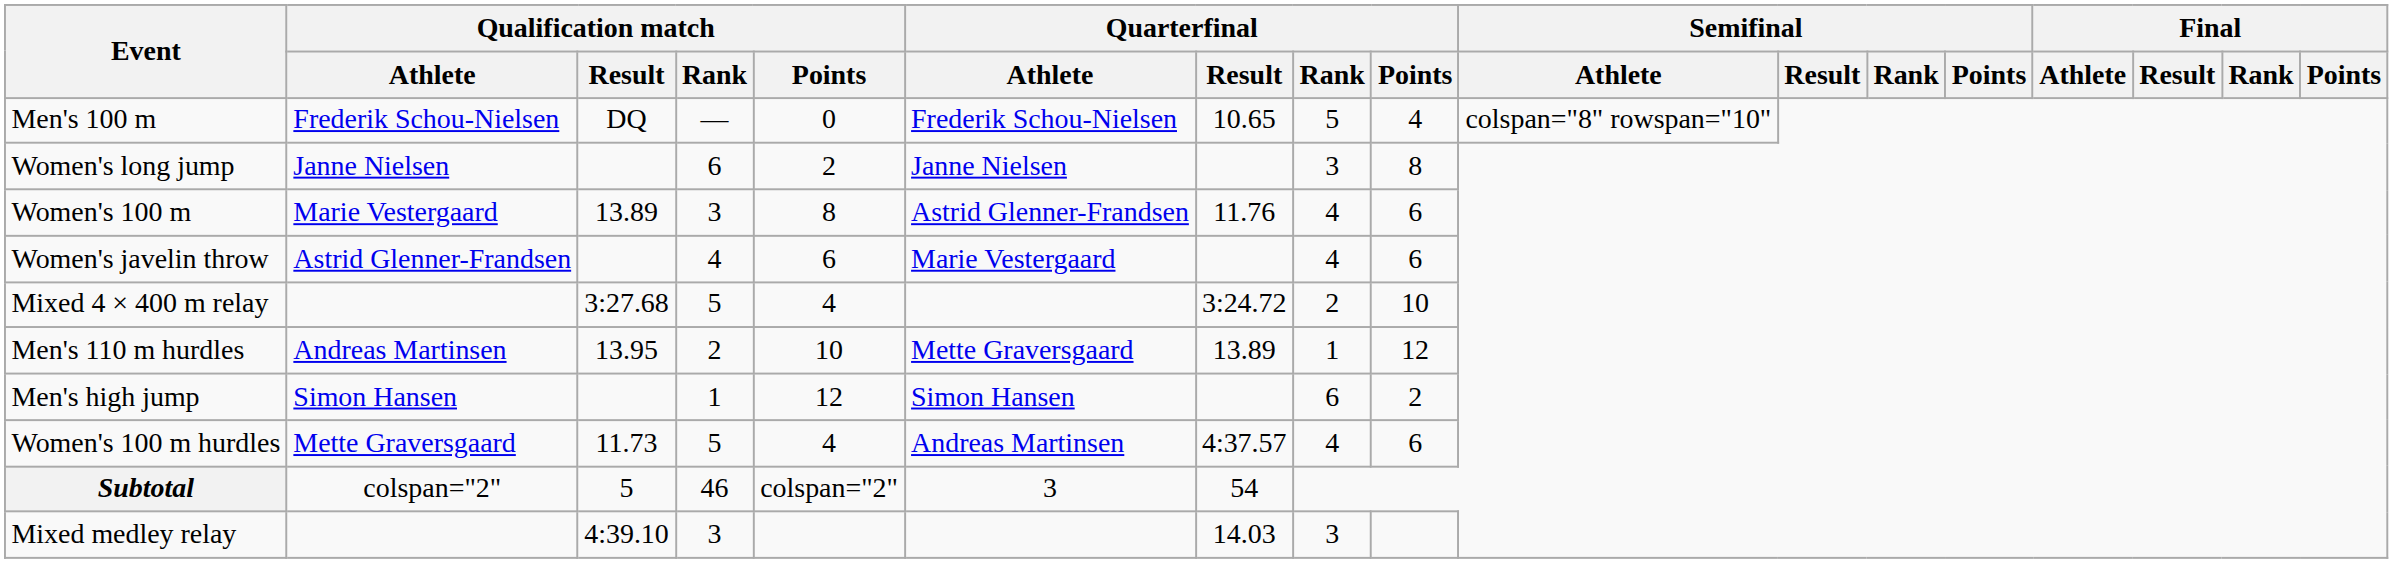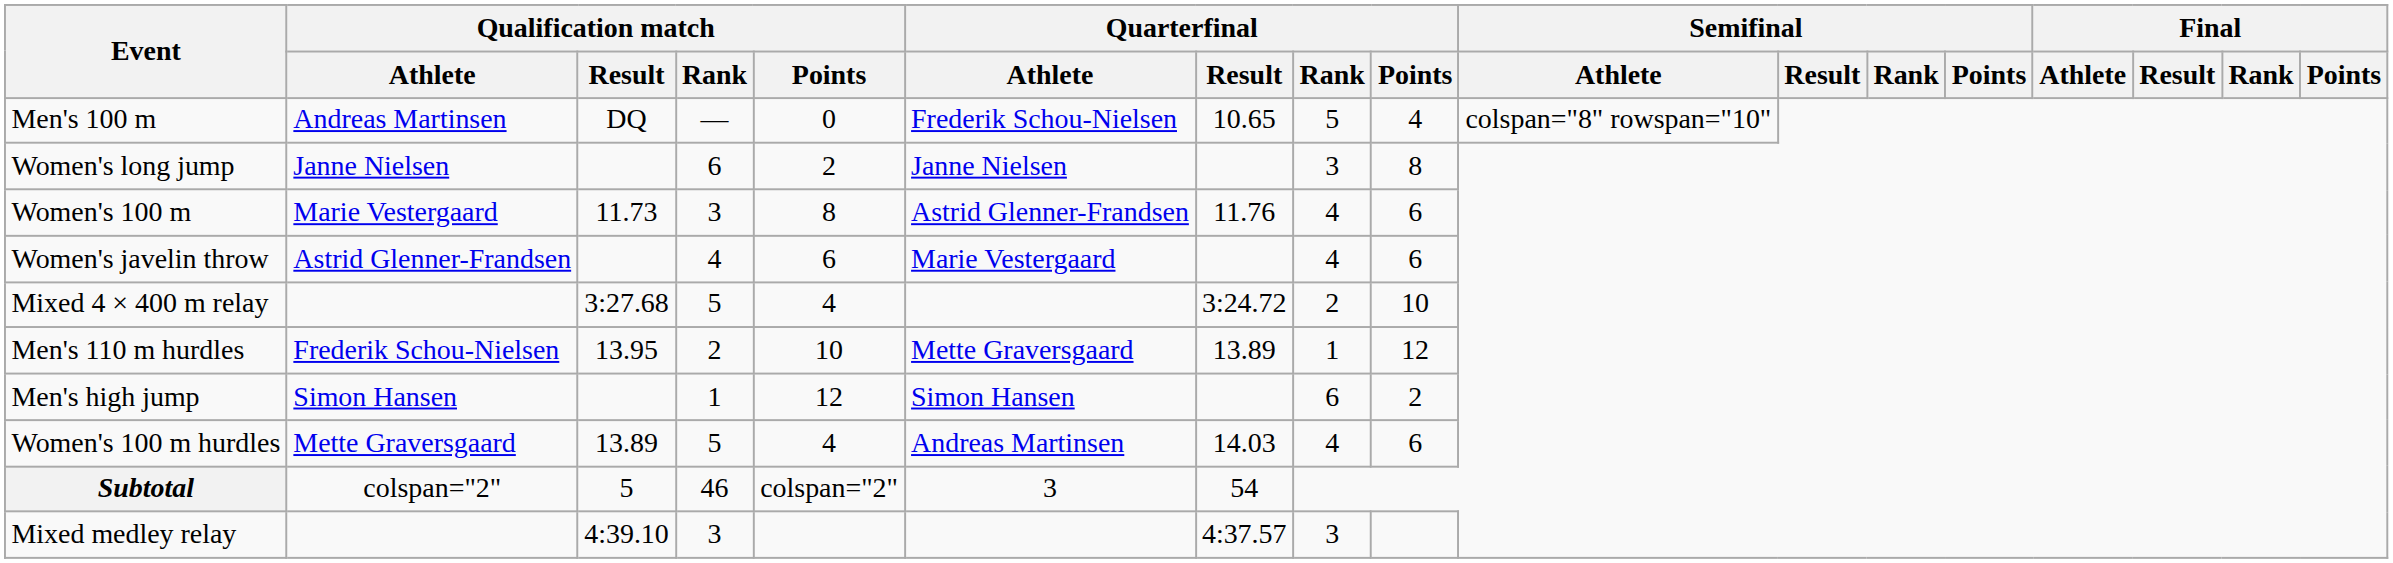 <table class="wikitable" style="font-size:90%; text-align:center;">
 <tr>
 <th rowspan="2">Event</th>
 <th colspan="4">Qualification match</th>
 <th colspan="4">Quarterfinal</th>
 <th colspan="4">Semifinal</th>
 <th colspan="4">Final</th>
 </tr>
 <tr>
 <th>Athlete</th>
 <th>Result</th>
 <th>Rank</th>
 <th>Points</th>
 <th>Athlete</th>
 <th>Result</th>
 <th>Rank</th>
 <th>Points</th>
 <th>Athlete</th>
 <th>Result</th>
 <th>Rank</th>
 <th>Points</th>
 <th>Athlete</th>
 <th>Result</th>
 <th>Rank</th>
 <th>Points</th>
 </tr>
 <tr>
 <td style="text-align:left;">Men's 100 m</td>
-<td style="text-align:left;"><a href='#'>Frederik Schou-Nielsen</a></td>
+<td style="text-align:left;"><a href='#'>Andreas Martinsen</a></td>
 <td>DQ</td>
 <td>—</td>
 <td>0</td>
 <td style="text-align:left;"><a href='#'>Frederik Schou-Nielsen</a></td>
 <td>10.65</td>
 <td>5</td>
 <td>4</td>
 <td>colspan="8" rowspan="10" </td>
 </tr>
 <tr>
 <td style="text-align:left;">Women's long jump</td>
 <td style="text-align:left;"><a href='#'>Janne Nielsen</a></td>
 <td></td>
 <td>6</td>
 <td>2</td>
 <td style="text-align:left;"><a href='#'>Janne Nielsen</a></td>
 <td></td>
 <td>3</td>
 <td>8</td>
 </tr>
 <tr>
 <td style="text-align:left;">Women's 100 m</td>
 <td style="text-align:left;"><a href='#'>Marie Vestergaard</a></td>
-<td>13.89</td>
+<td>11.73</td>
 <td>3</td>
 <td>8</td>
 <td style="text-align:left;"><a href='#'>Astrid Glenner-Frandsen</a></td>
 <td>11.76</td>
 <td>4</td>
 <td>6</td>
 </tr>
 <tr>
 <td style="text-align:left;">Women's javelin throw</td>
 <td style="text-align:left;"><a href='#'>Astrid Glenner-Frandsen</a></td>
 <td></td>
 <td>4</td>
 <td>6</td>
 <td style="text-align:left;"><a href='#'>Marie Vestergaard</a></td>
 <td></td>
 <td>4</td>
 <td>6</td>
 </tr>
 <tr>
 <td style="text-align:left;">Mixed 4 × 400 m relay</td>
 <td style="text-align:left;"></td>
 <td>3:27.68</td>
 <td>5</td>
 <td>4</td>
 <td style="text-align:left;"></td>
 <td>3:24.72</td>
 <td>2</td>
 <td>10</td>
 </tr>
 <tr>
 <td style="text-align:left;">Men's 110 m hurdles</td>
-<td style="text-align:left;"><a href='#'>Andreas Martinsen</a></td>
+<td style="text-align:left;"><a href='#'>Frederik Schou-Nielsen</a></td>
 <td>13.95</td>
 <td>2</td>
 <td>10</td>
 <td style="text-align:left;"><a href='#'>Mette Graversgaard</a></td>
 <td>13.89</td>
 <td>1</td>
 <td>12</td>
 </tr>
 <tr>
 <td style="text-align:left;">Men's high jump</td>
 <td style="text-align:left;"><a href='#'>Simon Hansen</a></td>
 <td></td>
 <td>1</td>
 <td>12</td>
 <td style="text-align:left;"><a href='#'>Simon Hansen</a></td>
 <td></td>
 <td>6</td>
 <td>2</td>
 </tr>
 <tr>
 <td style="text-align:left;">Women's 100 m hurdles</td>
 <td style="text-align:left;"><a href='#'>Mette Graversgaard</a></td>
-<td>11.73</td>
+<td>13.89</td>
 <td>5</td>
 <td>4</td>
 <td style="text-align:left;"><a href='#'>Andreas Martinsen</a></td>
-<td>4:37.57</td>
+<td>14.03</td>
 <td>4</td>
 <td>6</td>
 </tr>
 <tr>
 <th scope="row"><em>Subtotal</em></th>
 <td>colspan="2" </td>
 <td>5</td>
 <td>46</td>
 <td>colspan="2" </td>
 <td>3</td>
 <td>54</td>
 </tr>
 <tr>
 <td style="text-align:left;">Mixed medley relay</td>
 <td style="text-align:left;"></td>
 <td>4:39.10</td>
 <td>3 <strong></strong></td>
 <td></td>
 <td style="text-align:left;"></td>
-<td>14.03</td>
+<td>4:37.57</td>
 <td>3</td>
 <td></td>
 </tr>
 </table>
